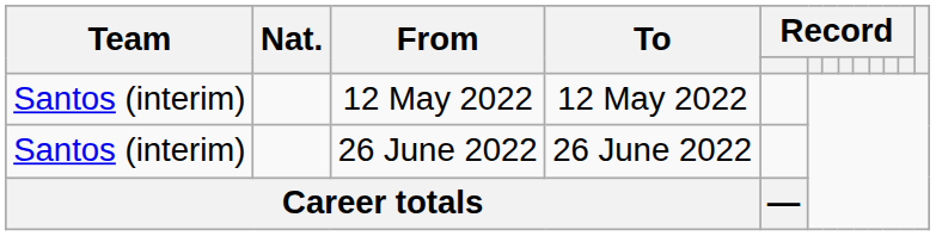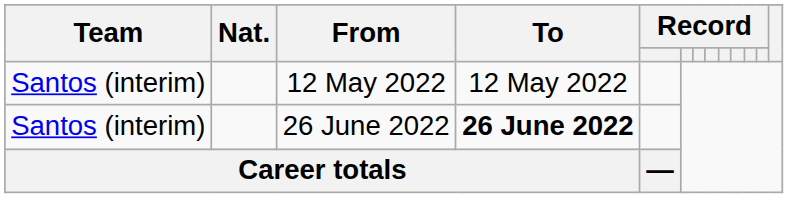 <table class="wikitable" style="text-align: center">
 <tr>
 <th rowspan="2">Team</th>
 <th rowspan="2">Nat.</th>
 <th rowspan="2">From</th>
 <th rowspan="2">To</th>
 <th colspan="8">Record</th>
 <th rowspan=2></th>
 </tr>
 <tr>
 <th></th>
 <th></th>
 <th></th>
 <th></th>
 <th></th>
 <th></th>
 <th></th>
 <th></th>
 </tr>
 <tr>
 <td><a href='#'>Santos</a> (interim)</td>
 <td></td>
 <td>12 May 2022</td>
 <td>12 May 2022<br></td>
 <td></td>
 </tr>
 <tr>
 <td><a href='#'>Santos</a> (interim)</td>
 <td></td>
 <td>26 June 2022</td>
-<td>26 June 2022<br></td>
+<td><strong>26 June 2022<br></strong></td>
 <td></td>
 </tr>
 <tr>
 <th colspan=4>Career totals<br></th>
 <th>—</th>
 </tr>
 </table>
